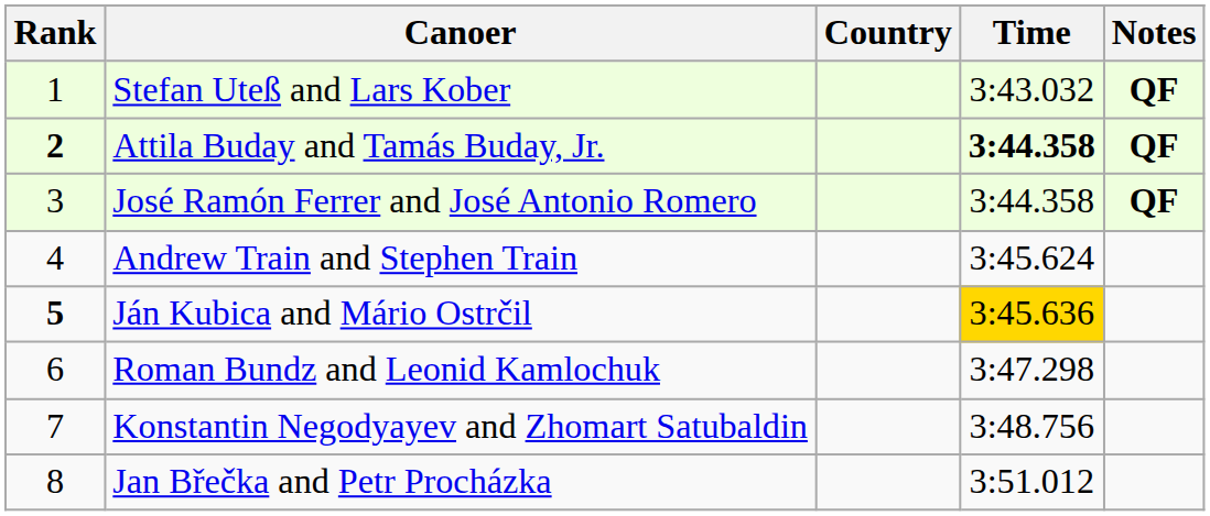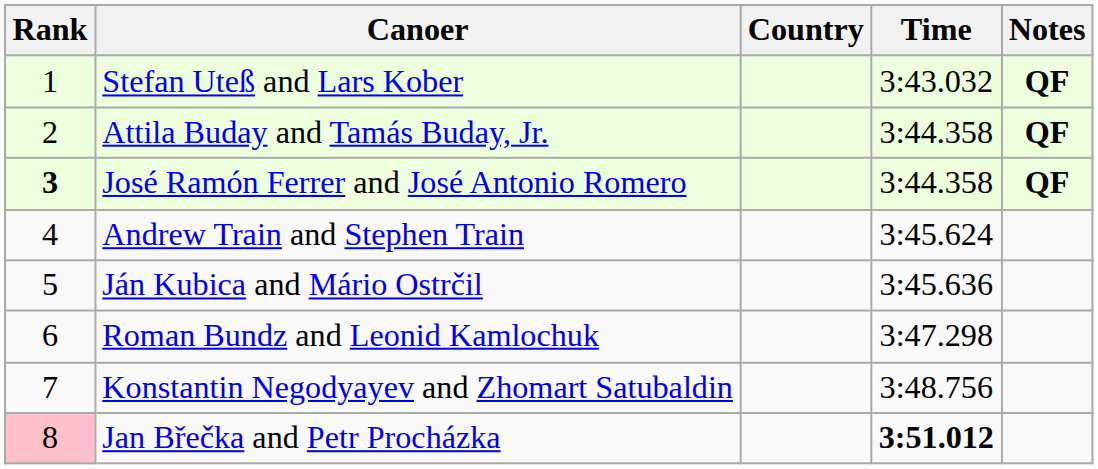 <table class="wikitable sortable">
 <tr>
 </tr>
 <tr>
 <th>Rank</th>
 <th>Canoer</th>
 <th>Country</th>
 <th>Time</th>
 <th>Notes</th>
 </tr>
 <tr bgcolor = "eeffdd">
 <td align="center">1</td>
 <td align="left"><a href='#'>Stefan Uteß</a> and <a href='#'>Lars Kober</a></td>
 <td align="left"></td>
 <td align="center">3:43.032</td>
 <td align="center"><strong>QF</strong></td>
 </tr>
 <tr bgcolor = "eeffdd">
-<td align="center"><strong>2</strong></td>
+<td align="center">2</td>
 <td align="left"><a href='#'>Attila Buday</a> and <a href='#'>Tamás Buday, Jr.</a></td>
 <td align="left"></td>
-<td align="center"><strong>3:44.358</strong></td>
+<td align="center">3:44.358</td>
 <td align="center"><strong>QF</strong></td>
 </tr>
 <tr bgcolor = "eeffdd">
-<td align="center">3</td>
+<td align="center"><strong>3</strong></td>
 <td align="left"><a href='#'>José Ramón Ferrer</a> and <a href='#'>José Antonio Romero</a></td>
 <td align="left"></td>
 <td align="center">3:44.358</td>
 <td align="center"><strong>QF</strong></td>
 </tr>
 <tr>
 <td align="center">4</td>
 <td align="left"><a href='#'>Andrew Train</a> and <a href='#'>Stephen Train</a></td>
 <td align="left"></td>
 <td align="center">3:45.624</td>
 <td align="center"></td>
 </tr>
 <tr>
-<td align="center"><strong>5</strong></td>
+<td align="center">5</td>
 <td align="left"><a href='#'>Ján Kubica</a> and <a href='#'>Mário Ostrčil</a></td>
 <td align="left"></td>
-<td align="center" style="background: gold;">3:45.636</td>
+<td align="center">3:45.636</td>
 <td align="center"></td>
 </tr>
 <tr>
 <td align="center">6</td>
 <td align="left"><a href='#'>Roman Bundz</a> and <a href='#'>Leonid Kamlochuk</a></td>
 <td align="left"></td>
 <td align="center">3:47.298</td>
 <td align="center"></td>
 </tr>
 <tr>
 <td align="center">7</td>
 <td align="left"><a href='#'>Konstantin Negodyayev</a> and <a href='#'>Zhomart Satubaldin</a></td>
 <td align="left"></td>
 <td align="center">3:48.756</td>
 <td align="center"></td>
 </tr>
 <tr>
-<td align="center">8</td>
+<td align="center" style="background: pink;">8</td>
 <td align="left"><a href='#'>Jan Břečka</a> and <a href='#'>Petr Procházka</a></td>
 <td align="left"></td>
-<td align="center">3:51.012</td>
+<td align="center"><strong>3:51.012</strong></td>
 <td align="center"></td>
 </tr>
 </table>
